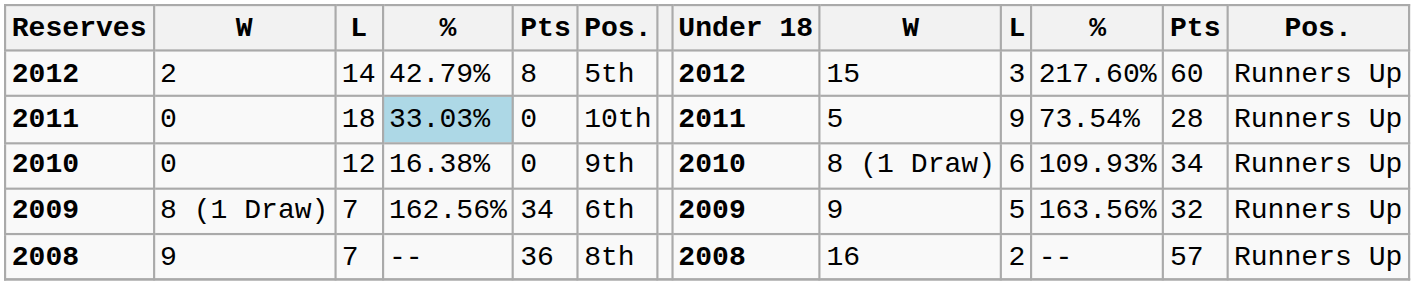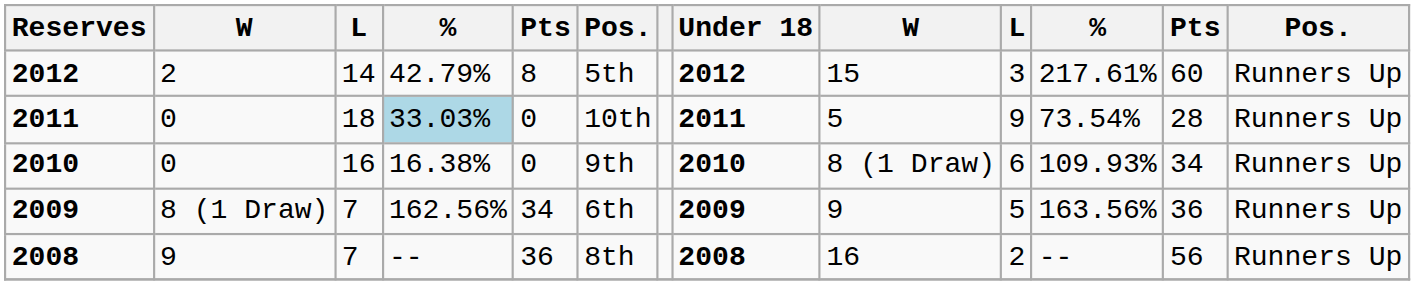 <table class="wikitable">
 <tr>
 <th style= width="100"><span><strong>Reserves</strong></span></th>
 <th style= width="60">W</th>
 <th style= width="30">L</th>
 <th style= width="30">%</th>
 <th style= width="30">Pts</th>
 <th style= width="30">Pos.</th>
 <th style= width="30"></th>
 <th style= width="100"><span><strong>Under 18</strong></span></th>
 <th style= width="60">W</th>
 <th style= width="30">L</th>
 <th style= width="30">%</th>
 <th style= width="30">Pts</th>
 <th style= width="80">Pos.</th>
 </tr>
 <tr>
 <td><strong>2012</strong></td>
 <td>2</td>
 <td>14</td>
 <td>42.79%</td>
 <td>8</td>
 <td>5th</td>
 <td></td>
 <td><strong>2012</strong></td>
 <td>15</td>
 <td>3</td>
-<td>217.60%</td>
+<td>217.61%</td>
 <td>60</td>
 <td>Runners Up</td>
 </tr>
 <tr>
 <td><strong>2011</strong></td>
 <td>0</td>
 <td>18</td>
 <td style="background: lightblue;">33.03%</td>
 <td>0</td>
 <td>10th</td>
 <td></td>
 <td><strong>2011</strong></td>
 <td>5</td>
 <td>9</td>
 <td>73.54%</td>
 <td>28</td>
 <td>Runners Up</td>
 </tr>
 <tr>
 <td><strong>2010</strong></td>
 <td>0</td>
-<td>12</td>
+<td>16</td>
 <td>16.38%</td>
 <td>0</td>
 <td>9th</td>
 <td></td>
 <td><strong>2010</strong></td>
 <td>8 (1 Draw)</td>
 <td>6</td>
 <td>109.93%</td>
 <td>34</td>
 <td>Runners Up</td>
 </tr>
 <tr>
 <td><strong>2009</strong></td>
 <td>8 (1 Draw)</td>
 <td>7</td>
 <td>162.56%</td>
 <td>34</td>
 <td>6th</td>
 <td></td>
 <td><strong>2009</strong></td>
 <td>9</td>
 <td>5</td>
 <td>163.56%</td>
-<td>32</td>
+<td>36</td>
 <td>Runners Up</td>
 </tr>
 <tr>
 <td><strong>2008</strong></td>
 <td>9</td>
 <td>7</td>
 <td>--</td>
 <td>36</td>
 <td>8th</td>
 <td></td>
 <td><strong>2008</strong></td>
 <td>16</td>
 <td>2</td>
 <td>--</td>
-<td>57</td>
+<td>56</td>
 <td>Runners Up</td>
 </tr>
 <tr>
 </tr>
 </table>
